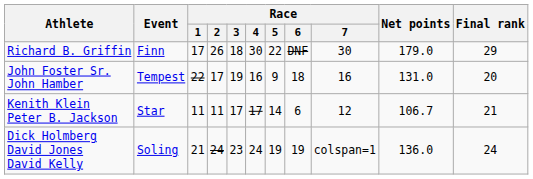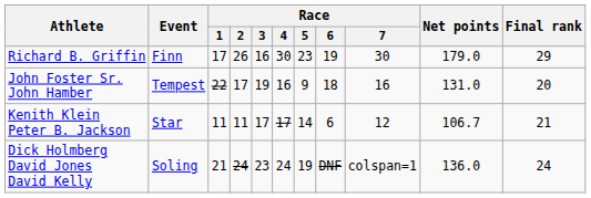 <table class="wikitable" style="font-size:90%">
 <tr>
 <th rowspan="2">Athlete</th>
 <th rowspan="2">Event</th>
 <th colspan=7>Race</th>
 <th rowspan=2>Net points</th>
 <th rowspan=2>Final rank</th>
 </tr>
 <tr style="font-size:95%">
 <th>1</th>
 <th>2</th>
 <th>3</th>
 <th>4</th>
 <th>5</th>
 <th>6</th>
 <th>7</th>
 </tr>
 <tr align=center>
 <td align=left><a href='#'>Richard B. Griffin</a></td>
 <td align=left><a href='#'>Finn</a></td>
 <td>17</td>
 <td>26</td>
-<td>18</td>
+<td>16</td>
 <td>30</td>
-<td>22</td>
-<td><s>DNF</s></td>
+<td>23</td>
+<td>19</td>
 <td>30</td>
 <td>179.0</td>
 <td>29</td>
 </tr>
 <tr align=center>
 <td align=left><a href='#'>John Foster Sr.</a><br><a href='#'>John Hamber</a></td>
 <td align=left><a href='#'>Tempest</a></td>
 <td><s>22</s></td>
 <td>17</td>
 <td>19</td>
 <td>16</td>
 <td>9</td>
 <td>18</td>
 <td>16</td>
 <td>131.0</td>
 <td>20</td>
 </tr>
 <tr align=center>
 <td align=left><a href='#'>Kenith Klein</a><br><a href='#'>Peter B. Jackson</a></td>
 <td align=left><a href='#'>Star</a></td>
 <td>11</td>
 <td>11</td>
 <td>17</td>
 <td><s>17</s></td>
 <td>14</td>
 <td>6</td>
 <td>12</td>
 <td>106.7</td>
 <td>21</td>
 </tr>
 <tr align=center>
 <td align=left><a href='#'>Dick Holmberg</a><br><a href='#'>David Jones</a><br><a href='#'>David Kelly</a></td>
 <td align=left><a href='#'>Soling</a></td>
 <td>21</td>
 <td><s>24</s></td>
 <td>23</td>
 <td>24</td>
 <td>19</td>
-<td>19</td>
+<td><s>DNF</s></td>
 <td>colspan=1 </td>
 <td>136.0</td>
 <td>24</td>
 </tr>
 </table>
